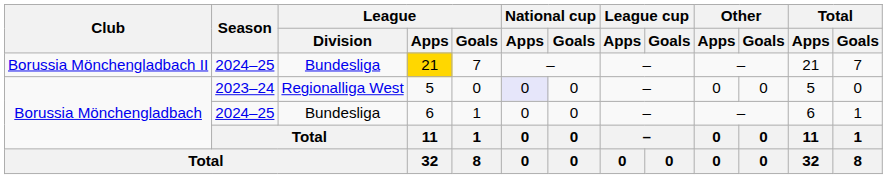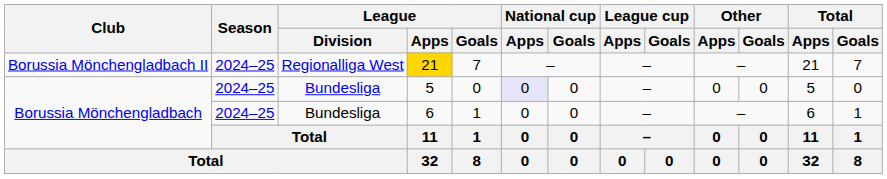 <table class="wikitable" style="text-align:center">
 <tr>
 <th rowspan="2">Club</th>
 <th rowspan="2">Season</th>
 <th colspan="3">League</th>
 <th colspan="2">National cup</th>
 <th colspan="2">League cup</th>
 <th colspan="2">Other</th>
 <th colspan="2">Total</th>
 </tr>
 <tr>
 <th>Division</th>
 <th>Apps</th>
 <th>Goals</th>
 <th>Apps</th>
 <th>Goals</th>
 <th>Apps</th>
 <th>Goals</th>
 <th>Apps</th>
 <th>Goals</th>
 <th>Apps</th>
 <th>Goals</th>
 </tr>
 <tr>
 <td><a href='#'>Borussia Mönchengladbach II</a></td>
 <td><a href='#'>2024–25</a></td>
-<td><a href='#'>Bundesliga</a></td>
+<td><a href='#'>Regionalliga West</a></td>
 <td style="background: gold;">21</td>
 <td>7</td>
 <td colspan="2">–</td>
 <td colspan="2">–</td>
 <td colspan="2">–</td>
 <td>21</td>
 <td>7</td>
 </tr>
 <tr>
 <td rowspan="3"><a href='#'>Borussia Mönchengladbach</a></td>
-<td><a href='#'>2023–24</a></td>
-<td><a href='#'>Regionalliga West</a></td>
+<td><a href='#'>2024–25</a></td>
+<td><a href='#'>Bundesliga</a></td>
 <td>5</td>
 <td>0</td>
 <td style="background: lavender;">0</td>
 <td>0</td>
 <td colspan="2">–</td>
 <td>0</td>
 <td>0</td>
 <td>5</td>
 <td>0</td>
 </tr>
 <tr>
 <td><a href='#'>2024–25</a></td>
 <td>Bundesliga</td>
 <td>6</td>
 <td>1</td>
 <td>0</td>
 <td>0</td>
 <td colspan="2">–</td>
 <td colspan="2">–</td>
 <td>6</td>
 <td>1</td>
 </tr>
 <tr>
 <th colspan="2">Total</th>
 <th>11</th>
 <th>1</th>
 <th>0</th>
 <th>0</th>
 <th colspan="2">–</th>
 <th>0</th>
 <th>0</th>
 <th>11</th>
 <th>1</th>
 </tr>
 <tr>
 <th colspan="3">Total</th>
 <th>32</th>
 <th>8</th>
 <th>0</th>
 <th>0</th>
 <th>0</th>
 <th>0</th>
 <th>0</th>
 <th>0</th>
 <th>32</th>
 <th>8</th>
 </tr>
 </table>
